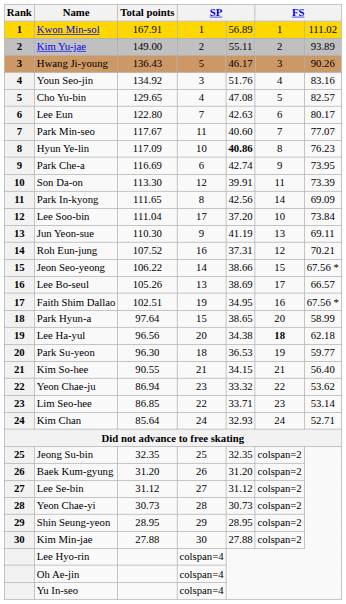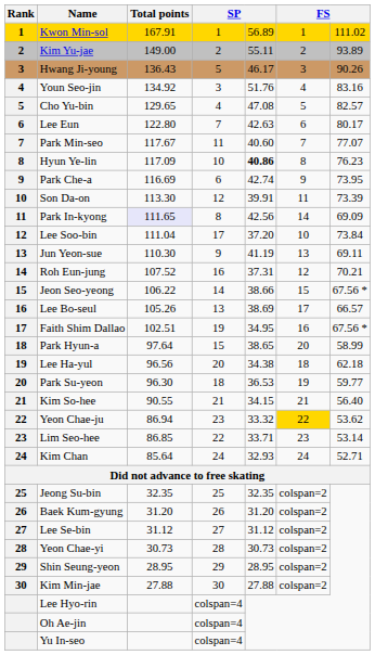 <table class="wikitable sortable">
 <tr>
 <th>Rank</th>
 <th>Name</th>
 <th>Total points</th>
 <th colspan="2" width="80px"><a href='#'>SP</a></th>
 <th colspan="2" width="80px"><a href='#'>FS</a></th>
 </tr>
 <tr bgcolor="gold">
 <td align="center"><strong>1</strong></td>
 <td><a href='#'>Kwon Min-sol</a></td>
 <td align="center">167.91</td>
 <td align="center">1</td>
 <td align="center">56.89</td>
 <td align="center">1</td>
 <td align="center">111.02</td>
 </tr>
 <tr bgcolor="silver">
 <td align="center"><strong>2</strong></td>
 <td><a href='#'>Kim Yu-jae</a></td>
 <td align="center">149.00</td>
 <td align="center">2</td>
 <td align="center">55.11</td>
 <td align="center">2</td>
 <td align="center">93.89</td>
 </tr>
 <tr bgcolor="cc9966">
 <td align="center"><strong>3</strong></td>
 <td>Hwang Ji-young</td>
 <td align="center">136.43</td>
 <td align="center">5</td>
 <td align="center">46.17</td>
 <td align="center">3</td>
 <td align="center">90.26</td>
 </tr>
 <tr>
 <th>4</th>
 <td>Youn Seo-jin</td>
 <td align="center">134.92</td>
 <td align="center">3</td>
 <td align="center">51.76</td>
 <td align="center">4</td>
 <td align="center">83.16</td>
 </tr>
 <tr>
 <th>5</th>
 <td>Cho Yu-bin</td>
 <td align="center">129.65</td>
 <td align="center">4</td>
 <td align="center">47.08</td>
 <td align="center">5</td>
 <td align="center">82.57</td>
 </tr>
 <tr>
 <th>6</th>
 <td>Lee Eun</td>
 <td align="center">122.80</td>
 <td align="center">7</td>
 <td align="center">42.63</td>
 <td align="center">6</td>
 <td align="center">80.17</td>
 </tr>
 <tr>
 <th>7</th>
 <td>Park Min-seo</td>
 <td align="center">117.67</td>
 <td align="center">11</td>
 <td align="center">40.60</td>
 <td align="center">7</td>
 <td align="center">77.07</td>
 </tr>
 <tr>
 <th>8</th>
 <td>Hyun Ye-lin</td>
 <td align="center">117.09</td>
 <td align="center">10</td>
 <td align="center"><strong>40.86</strong></td>
 <td align="center">8</td>
 <td align="center">76.23</td>
 </tr>
 <tr>
 <th>9</th>
 <td>Park Che-a</td>
 <td align="center">116.69</td>
 <td align="center">6</td>
 <td align="center">42.74</td>
 <td align="center">9</td>
 <td align="center">73.95</td>
 </tr>
 <tr>
 <th>10</th>
 <td>Son Da-on</td>
 <td align="center">113.30</td>
 <td align="center">12</td>
 <td align="center">39.91</td>
 <td align="center">11</td>
 <td align="center">73.39</td>
 </tr>
 <tr>
 <th>11</th>
 <td>Park In-kyong</td>
-<td align="center">111.65</td>
+<td align="center" style="background: lavender;">111.65</td>
 <td align="center">8</td>
 <td align="center">42.56</td>
 <td align="center">14</td>
 <td align="center">69.09</td>
 </tr>
 <tr>
 <th>12</th>
 <td>Lee Soo-bin</td>
 <td align="center">111.04</td>
 <td align="center">17</td>
 <td align="center">37.20</td>
 <td align="center">10</td>
 <td align="center">73.84</td>
 </tr>
 <tr>
 <th>13</th>
 <td>Jun Yeon-sue</td>
 <td align="center">110.30</td>
 <td align="center">9</td>
 <td align="center">41.19</td>
 <td align="center">13</td>
 <td align="center">69.11</td>
 </tr>
 <tr>
 <th>14</th>
 <td>Roh Eun-jung</td>
 <td align="center">107.52</td>
 <td align="center">16</td>
 <td align="center">37.31</td>
 <td align="center">12</td>
 <td align="center">70.21</td>
 </tr>
 <tr>
 <th>15</th>
 <td>Jeon Seo-yeong</td>
 <td align="center">106.22</td>
 <td align="center">14</td>
 <td align="center">38.66</td>
 <td align="center">15</td>
 <td align="center">67.56 *</td>
 </tr>
 <tr>
 <th>16</th>
 <td>Lee Bo-seul</td>
 <td align="center">105.26</td>
 <td align="center">13</td>
 <td align="center">38.69</td>
 <td align="center">17</td>
 <td align="center">66.57</td>
 </tr>
 <tr>
 <th>17</th>
 <td>Faith Shim Dallao</td>
 <td align="center">102.51</td>
 <td align="center">19</td>
 <td align="center">34.95</td>
 <td align="center">16</td>
 <td align="center">67.56 *</td>
 </tr>
 <tr>
 <th>18</th>
 <td>Park Hyun-a</td>
 <td align="center">97.64</td>
 <td align="center">15</td>
 <td align="center">38.65</td>
 <td align="center">20</td>
 <td align="center">58.99</td>
 </tr>
 <tr>
 <th>19</th>
 <td>Lee Ha-yul</td>
 <td align="center">96.56</td>
 <td align="center">20</td>
 <td align="center">34.38</td>
-<td align="center"><strong>18</strong></td>
+<td align="center">18</td>
 <td align="center">62.18</td>
 </tr>
 <tr>
 <th>20</th>
 <td>Park Su-yeon</td>
 <td align="center">96.30</td>
 <td align="center">18</td>
 <td align="center">36.53</td>
 <td align="center">19</td>
 <td align="center">59.77</td>
 </tr>
 <tr>
 <th>21</th>
 <td>Kim So-hee</td>
 <td align="center">90.55</td>
 <td align="center">21</td>
 <td align="center">34.15</td>
 <td align="center">21</td>
 <td align="center">56.40</td>
 </tr>
 <tr>
 <th>22</th>
 <td>Yeon Chae-ju</td>
 <td align="center">86.94</td>
 <td align="center">23</td>
 <td align="center">33.32</td>
-<td align="center">22</td>
+<td align="center" style="background: gold;">22</td>
 <td align="center">53.62</td>
 </tr>
 <tr>
 <th>23</th>
 <td>Lim Seo-hee</td>
 <td align="center">86.85</td>
 <td align="center">22</td>
 <td align="center">33.71</td>
 <td align="center">23</td>
 <td align="center">53.14</td>
 </tr>
 <tr>
 <th>24</th>
 <td>Kim Chan</td>
 <td align="center">85.64</td>
 <td align="center">24</td>
 <td align="center">32.93</td>
 <td align="center">24</td>
 <td align="center">52.71</td>
 </tr>
 <tr>
 <th colspan=7>Did not advance to free skating</th>
 </tr>
 <tr>
 <th>25</th>
 <td>Jeong Su-bin</td>
 <td align="center">32.35</td>
 <td align="center">25</td>
 <td align="center">32.35</td>
 <td>colspan=2 </td>
 </tr>
 <tr>
 <th>26</th>
 <td>Baek Kum-gyung</td>
 <td align="center">31.20</td>
 <td align="center">26</td>
 <td align="center">31.20</td>
 <td>colspan=2 </td>
 </tr>
 <tr>
 <th>27</th>
 <td>Lee Se-bin</td>
 <td align="center">31.12</td>
 <td align="center">27</td>
 <td align="center">31.12</td>
 <td>colspan=2 </td>
 </tr>
 <tr>
 <th>28</th>
 <td>Yeon Chae-yi</td>
 <td align="center">30.73</td>
 <td align="center">28</td>
 <td align="center">30.73</td>
 <td>colspan=2 </td>
 </tr>
 <tr>
 <th>29</th>
 <td>Shin Seung-yeon</td>
 <td align="center">28.95</td>
 <td align="center">29</td>
 <td align="center">28.95</td>
 <td>colspan=2 </td>
 </tr>
 <tr>
 <th>30</th>
 <td>Kim Min-jae</td>
 <td align="center">27.88</td>
 <td align="center">30</td>
 <td align="center">27.88</td>
 <td>colspan=2 </td>
 </tr>
 <tr>
 <th></th>
 <td>Lee Hyo-rin</td>
 <td></td>
 <td>colspan=4 </td>
 </tr>
 <tr>
 <th></th>
 <td>Oh Ae-jin</td>
 <td></td>
 <td>colspan=4 </td>
 </tr>
 <tr>
 <th></th>
 <td>Yu In-seo</td>
 <td></td>
 <td>colspan=4 </td>
 </tr>
 </table>
